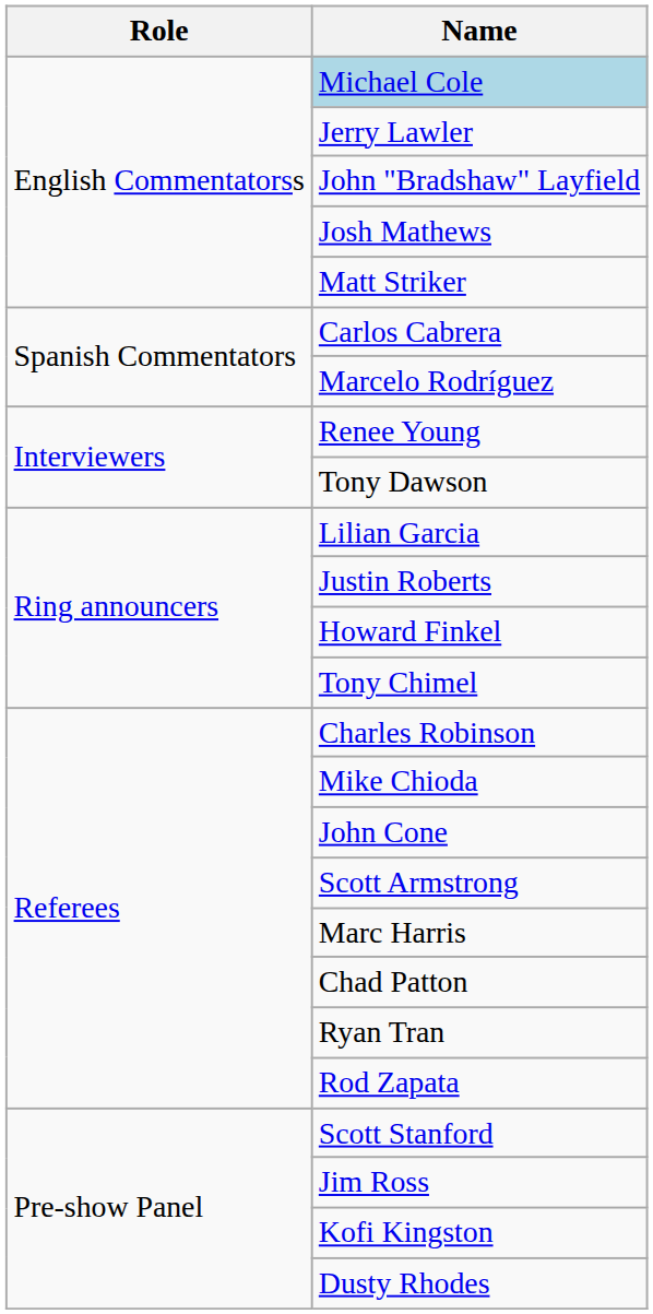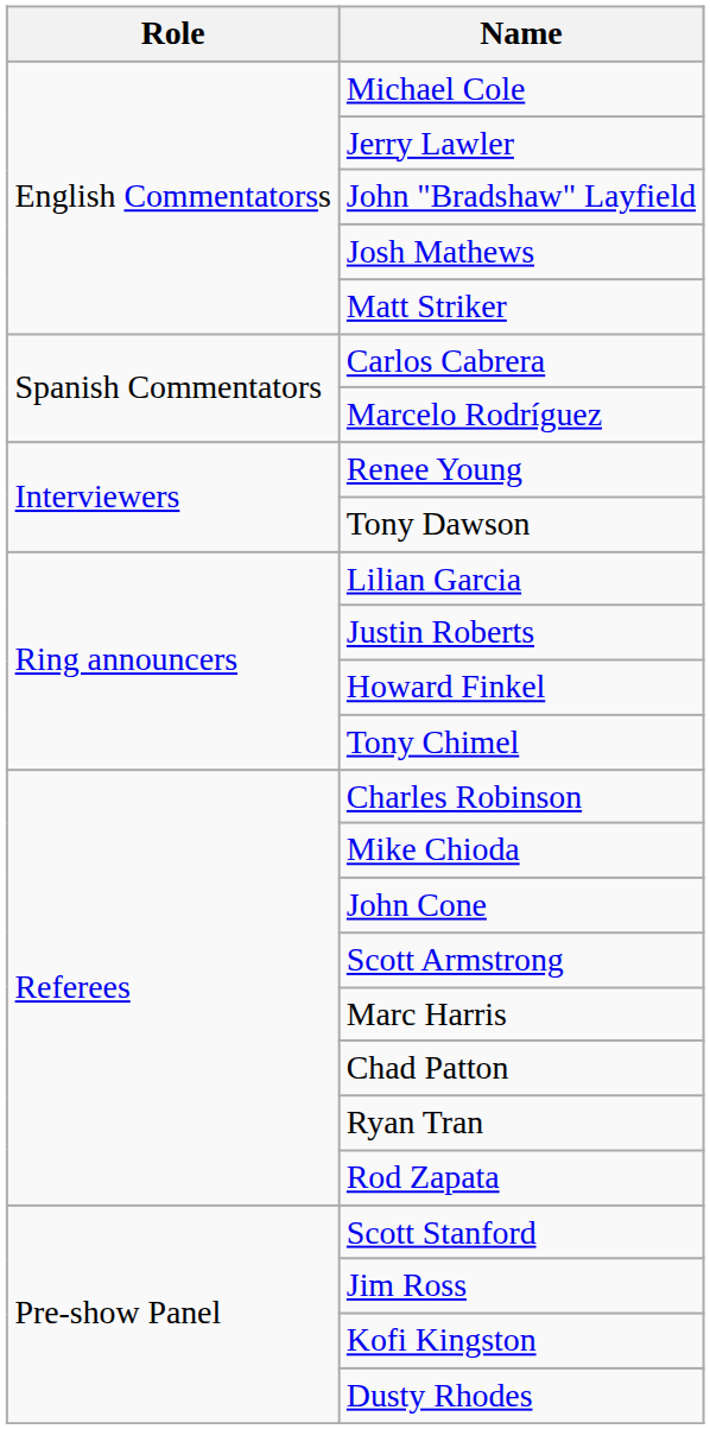 <table class=wikitable style="font-size:90%; margin: 0.5em 0 0.5em 1em; float: right; clear: right;">
 <tr>
 <th>Role</th>
 <th>Name</th>
 </tr>
 <tr>
 <td rowspan=5>English <a href='#'>Commentators</a>s</td>
-<td style="background: lightblue;"><a href='#'>Michael Cole</a> </td>
+<td><a href='#'>Michael Cole</a> </td>
 </tr>
 <tr>
 <td><a href='#'>Jerry Lawler</a> </td>
 </tr>
 <tr>
 <td><a href='#'>John "Bradshaw" Layfield</a> </td>
 </tr>
 <tr>
 <td><a href='#'>Josh Mathews</a> </td>
 </tr>
 <tr>
 <td><a href='#'>Matt Striker</a> </td>
 </tr>
 <tr>
 <td rowspan=2>Spanish Commentators</td>
 <td><a href='#'>Carlos Cabrera</a></td>
 </tr>
 <tr>
 <td><a href='#'>Marcelo Rodríguez</a></td>
 </tr>
 <tr>
 <td rowspan=2><a href='#'>Interviewers</a></td>
 <td><a href='#'>Renee Young</a> </td>
 </tr>
 <tr>
 <td>Tony Dawson </td>
 </tr>
 <tr>
 <td rowspan=4><a href='#'>Ring announcers</a></td>
 <td><a href='#'>Lilian Garcia</a> </td>
 </tr>
 <tr>
 <td><a href='#'>Justin Roberts</a> </td>
 </tr>
 <tr>
 <td><a href='#'>Howard Finkel</a> </td>
 </tr>
 <tr>
 <td><a href='#'>Tony Chimel</a> </td>
 </tr>
 <tr>
 <td rowspan=8><a href='#'>Referees</a></td>
 <td><a href='#'>Charles Robinson</a></td>
 </tr>
 <tr>
 <td><a href='#'>Mike Chioda</a></td>
 </tr>
 <tr>
 <td><a href='#'>John Cone</a></td>
 </tr>
 <tr>
 <td><a href='#'>Scott Armstrong</a></td>
 </tr>
 <tr>
 <td>Marc Harris</td>
 </tr>
 <tr>
 <td>Chad Patton</td>
 </tr>
 <tr>
 <td>Ryan Tran</td>
 </tr>
 <tr>
 <td><a href='#'>Rod Zapata</a></td>
 </tr>
 <tr>
 <td rowspan=4>Pre-show Panel</td>
 <td><a href='#'>Scott Stanford</a></td>
 </tr>
 <tr>
 <td><a href='#'>Jim Ross</a></td>
 </tr>
 <tr>
 <td><a href='#'>Kofi Kingston</a></td>
 </tr>
 <tr>
 <td><a href='#'>Dusty Rhodes</a></td>
 </tr>
 </table>
